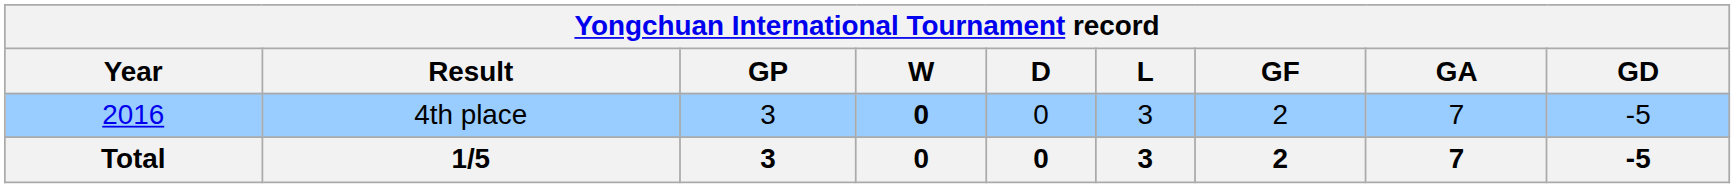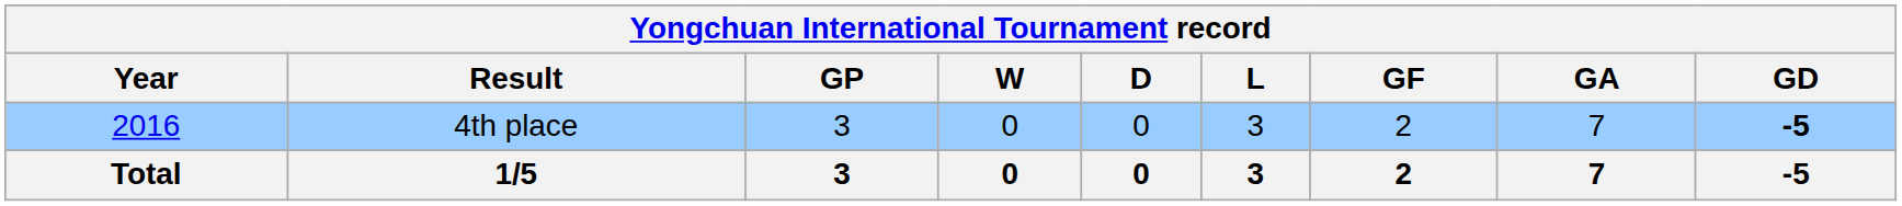 <table class="wikitable" style="text-align: center; width:50%;">
 <tr>
 <th colspan=9> <a href='#'>Yongchuan International Tournament</a> record</th>
 </tr>
 <tr>
 <th>Year</th>
 <th>Result</th>
 <th>GP</th>
 <th>W</th>
 <th>D</th>
 <th>L</th>
 <th>GF</th>
 <th>GA</th>
 <th>GD</th>
 </tr>
 <tr bgcolor=#9acdff>
 <td><a href='#'>2016</a></td>
 <td>4th place</td>
 <td>3</td>
-<td><strong>0</strong></td>
+<td>0</td>
 <td>0</td>
 <td>3</td>
 <td>2</td>
 <td>7</td>
-<td>-5</td>
+<td><strong>-5</strong></td>
 </tr>
 <tr>
 <th>Total</th>
 <th>1/5</th>
 <th>3</th>
 <th>0</th>
 <th>0</th>
 <th>3</th>
 <th>2</th>
 <th>7</th>
 <th>-5</th>
 </tr>
 </table>
